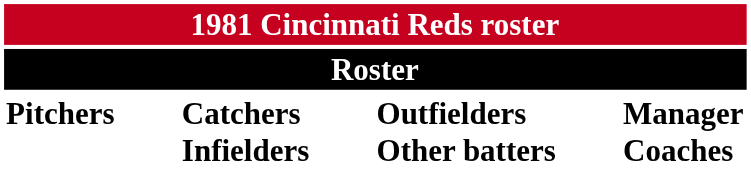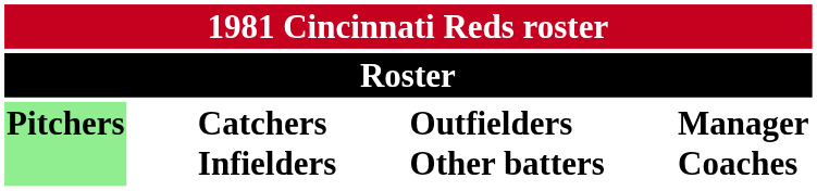 <table class="toccolours" style="font-size: 95%;">
 <tr>
 <th colspan="10" style="background-color: #c6011f; color: white; text-align: center;">1981 Cincinnati Reds roster</th>
 </tr>
 <tr>
 <td colspan="10" style="background-color: black; color: white; text-align: center;"><strong>Roster</strong></td>
 </tr>
 <tr>
-<td valign="top"><strong>Pitchers</strong><br>            </td>
+<td valign="top" style="background: lightgreen;"><strong>Pitchers</strong><br>            </td>
 <td width="25px"></td>
 <td valign="top"><strong>Catchers</strong><br>  <strong>Infielders</strong>         </td>
 <td width="25px"></td>
 <td valign="top"><strong>Outfielders</strong><br>       <strong>Other batters</strong>  </td>
 <td width="25px"></td>
 <td valign="top"><strong>Manager</strong><br> <strong>Coaches</strong>    </td>
 </tr>
 </table>
